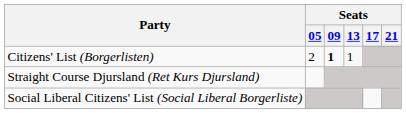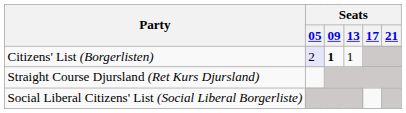 <table class="wikitable">
 <tr>
 <th rowspan=2>Party</th>
 <th colspan=11>Seats</th>
 </tr>
 <tr>
 <th><a href='#'>05</a></th>
 <th><a href='#'>09</a></th>
 <th><a href='#'>13</a></th>
 <th><a href='#'>17</a></th>
 <th><a href='#'>21</a></th>
 </tr>
 <tr>
 <td>Citizens' List <em>(Borgerlisten)</em></td>
-<td>2</td>
+<td style="background: lavender;">2</td>
 <td><strong>1</strong></td>
 <td>1</td>
 <td style="background:#CDC9C9;" colspan=2></td>
 </tr>
 <tr>
 <td>Straight Course Djursland <em>(Ret Kurs Djursland)</em></td>
 <td></td>
 <td style="background:#CDC9C9;" colspan=4></td>
 </tr>
 <tr>
 <td>Social Liberal Citizens' List <em>(Social Liberal Borgerliste)</em></td>
 <td style="background:#CDC9C9;" colspan=3></td>
 <td></td>
 <td style="background:#CDC9C9;"></td>
 </tr>
 </table>
